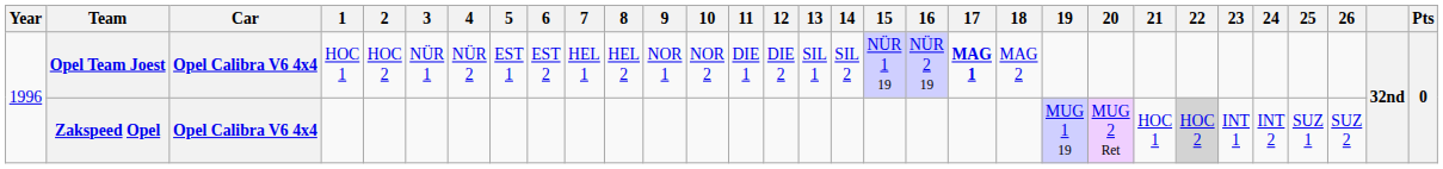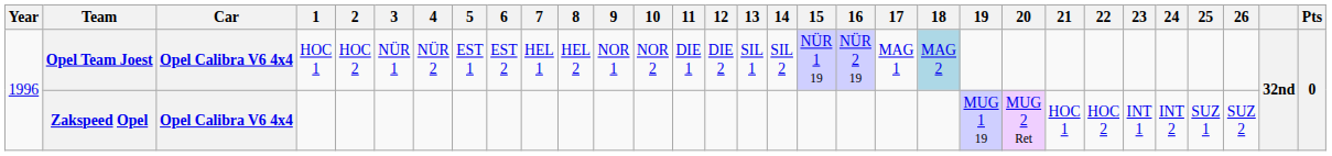 <table class="wikitable" border="1" style="text-align:center; font-size:85%;">
 <tr>
 <th>Year</th>
 <th>Team</th>
 <th>Car</th>
 <th>1</th>
 <th>2</th>
 <th>3</th>
 <th>4</th>
 <th>5</th>
 <th>6</th>
 <th>7</th>
 <th>8</th>
 <th>9</th>
 <th>10</th>
 <th>11</th>
 <th>12</th>
 <th>13</th>
 <th>14</th>
 <th>15</th>
 <th>16</th>
 <th>17</th>
 <th>18</th>
 <th>19</th>
 <th>20</th>
 <th>21</th>
 <th>22</th>
 <th>23</th>
 <th>24</th>
 <th>25</th>
 <th>26</th>
 <th></th>
 <th>Pts</th>
 </tr>
 <tr>
 <td rowspan=2><a href='#'>1996</a></td>
 <th><a href='#'>Opel Team Joest</a></th>
 <th><a href='#'>Opel Calibra V6 4x4</a></th>
 <td><a href='#'>HOC<br>1</a></td>
 <td><a href='#'>HOC<br>2</a></td>
 <td><a href='#'>NÜR<br>1</a></td>
 <td><a href='#'>NÜR<br>2</a></td>
 <td><a href='#'>EST<br>1</a></td>
 <td><a href='#'>EST<br>2</a></td>
 <td><a href='#'>HEL<br>1</a></td>
 <td><a href='#'>HEL<br>2</a></td>
 <td><a href='#'>NOR<br>1</a></td>
 <td><a href='#'>NOR<br>2</a></td>
 <td><a href='#'>DIE<br>1</a></td>
 <td><a href='#'>DIE<br>2</a></td>
 <td><a href='#'>SIL<br>1</a></td>
 <td><a href='#'>SIL<br>2</a></td>
 <td style="background:#CFCFFF;"><a href='#'>NÜR<br>1</a><br><small>19</small></td>
 <td style="background:#CFCFFF;"><a href='#'>NÜR<br>2</a><br><small>19</small></td>
-<td><strong><a href='#'>MAG<br>1</a></strong></td>
-<td><a href='#'>MAG<br>2</a></td>
+<td><a href='#'>MAG<br>1</a></td>
+<td style="background: lightblue;"><a href='#'>MAG<br>2</a></td>
 <td></td>
 <td></td>
 <td></td>
 <td></td>
 <td></td>
 <td></td>
 <td></td>
 <td></td>
 <th rowspan=2>32nd</th>
 <th rowspan=2>0</th>
 </tr>
 <tr>
 <th><a href='#'>Zakspeed</a> <a href='#'>Opel</a></th>
 <th><a href='#'>Opel Calibra V6 4x4</a></th>
 <td></td>
 <td></td>
 <td></td>
 <td></td>
 <td></td>
 <td></td>
 <td></td>
 <td></td>
 <td></td>
 <td></td>
 <td></td>
 <td></td>
 <td></td>
 <td></td>
 <td></td>
 <td></td>
 <td></td>
 <td></td>
 <td style="background:#CFCFFF;"><a href='#'>MUG<br>1</a><br><small>19</small></td>
 <td style="background:#EFCFFF;"><a href='#'>MUG<br>2</a><br><small>Ret</small></td>
 <td><a href='#'>HOC<br>1</a></td>
-<td style="background: lightgrey;"><a href='#'>HOC<br>2</a></td>
+<td><a href='#'>HOC<br>2</a></td>
 <td><a href='#'>INT<br>1</a></td>
 <td><a href='#'>INT<br>2</a></td>
 <td><a href='#'>SUZ<br>1</a></td>
 <td><a href='#'>SUZ<br>2</a></td>
 </tr>
 </table>
